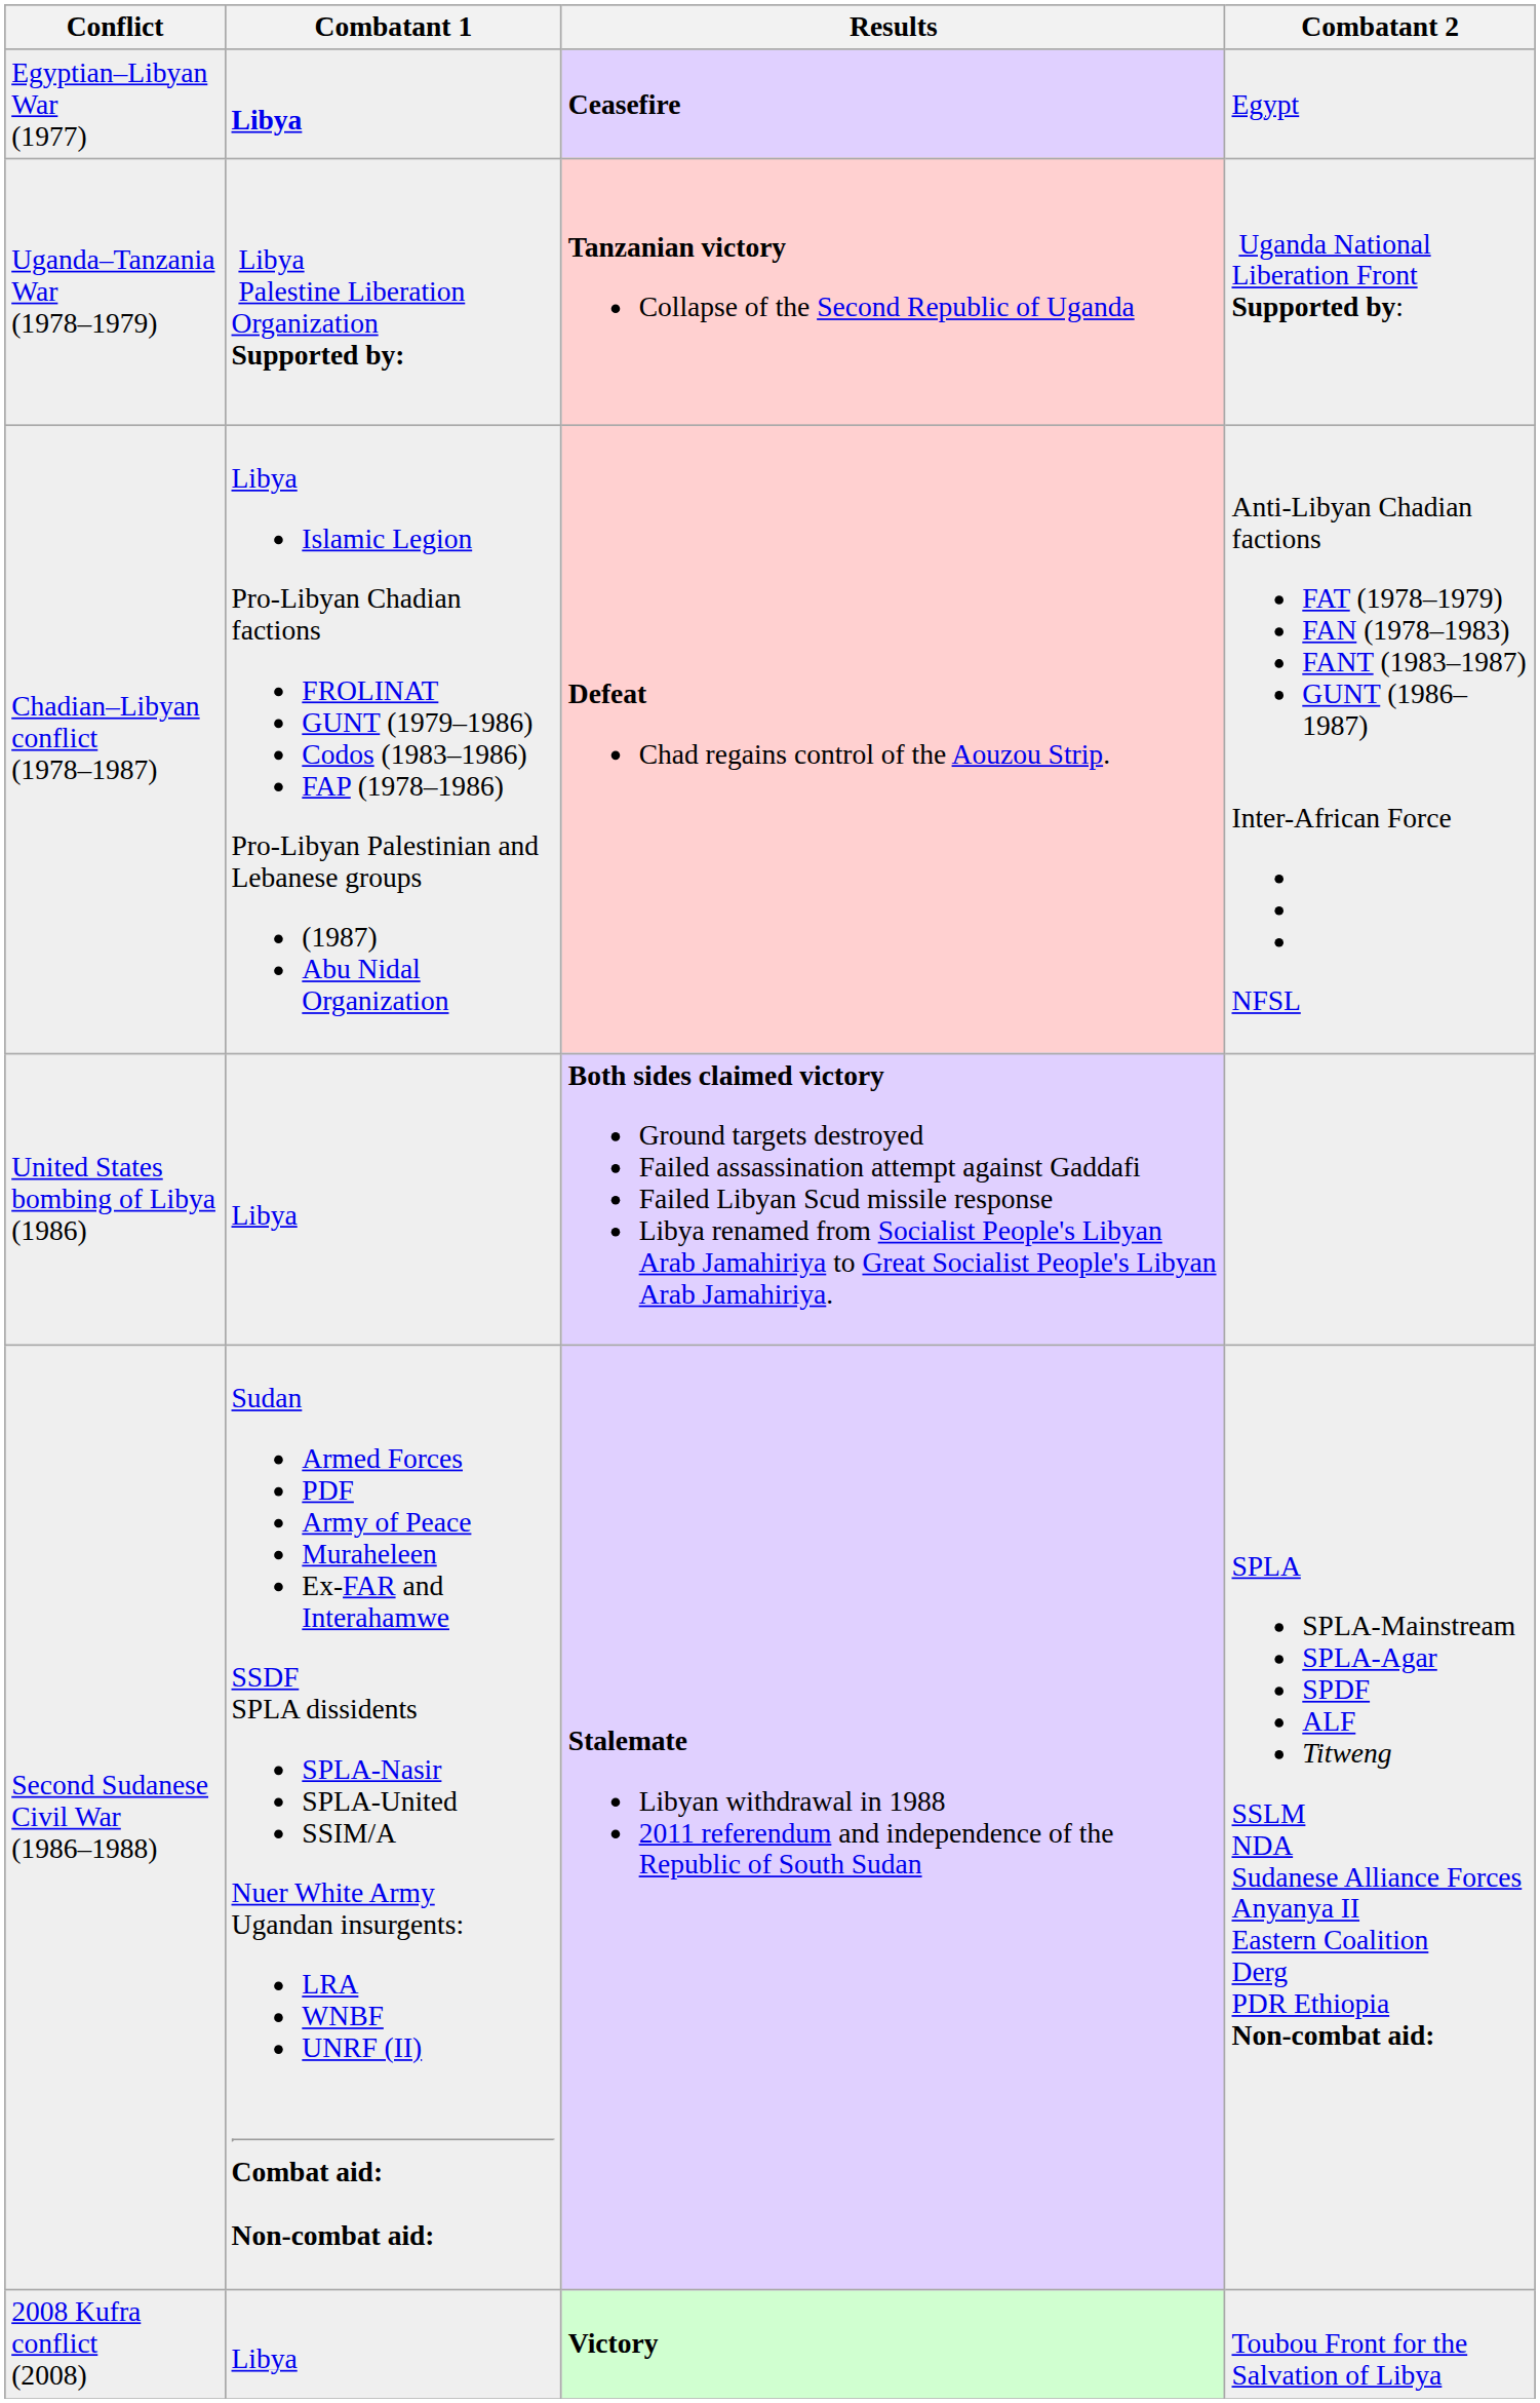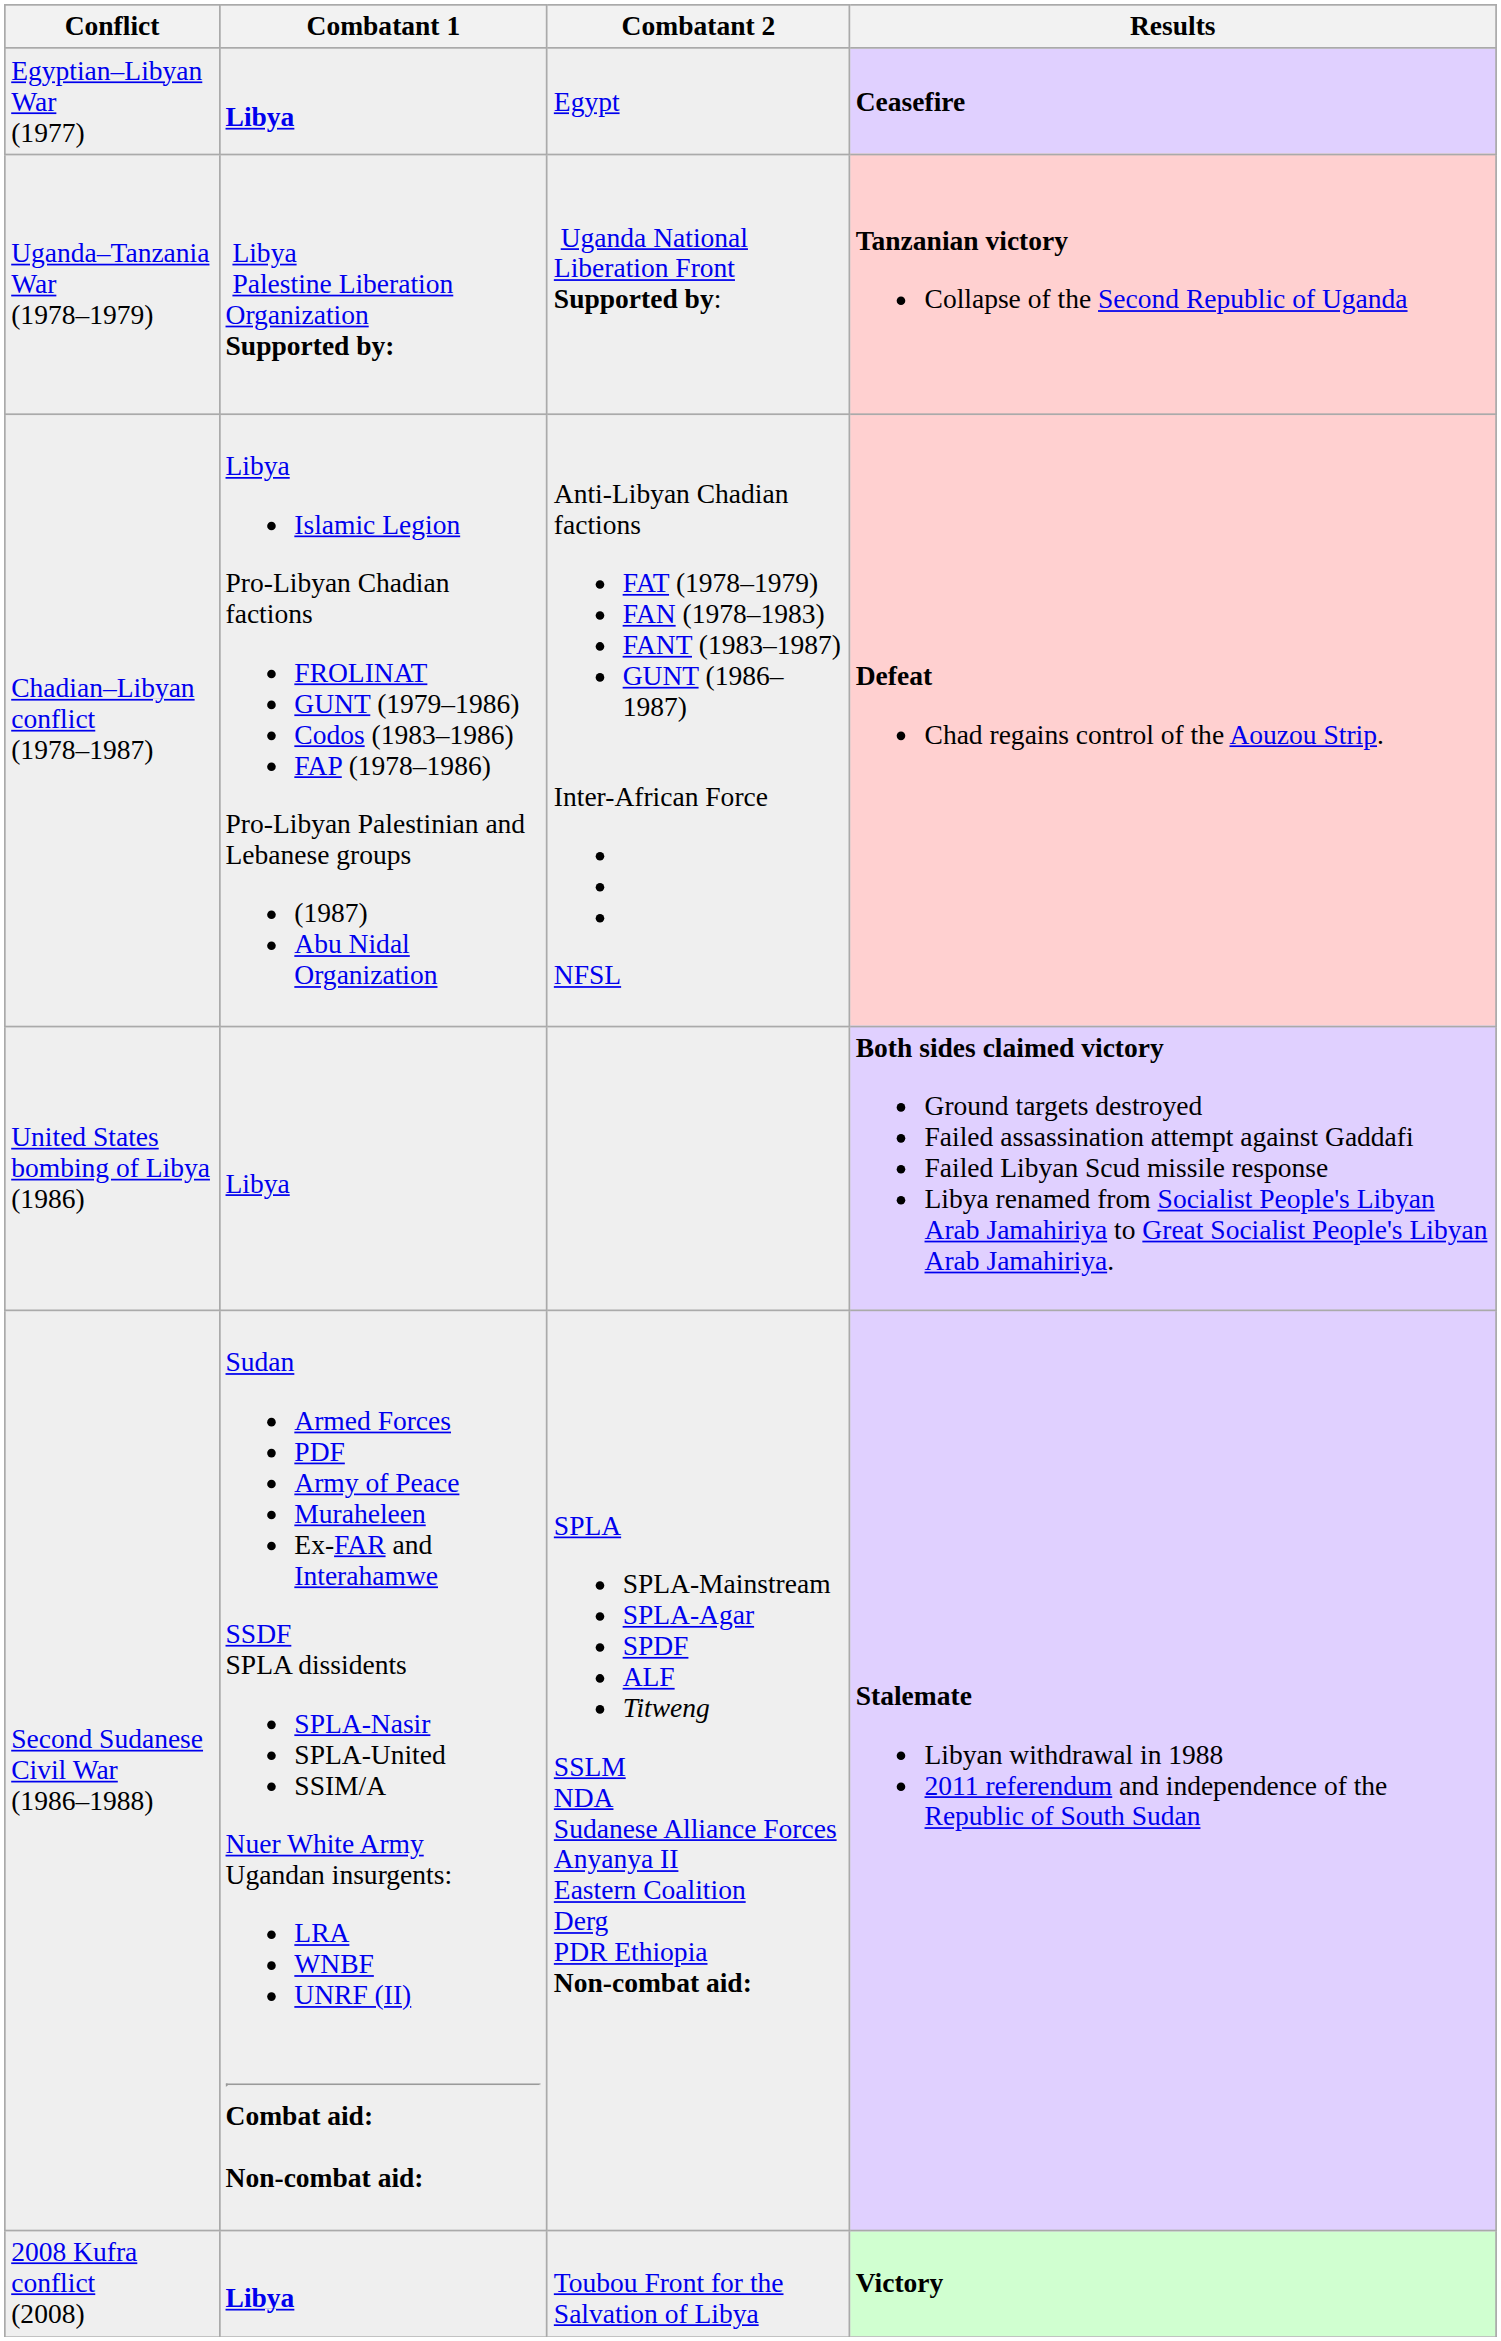 <table class="wikitable">
 <tr>
 <th rowspan="1">Conflict</th>
 <th rowspan="1">Combatant 1</th>
+<th rowspan="1">Combatant 2</th>
 <th rowspan="1">Results</th>
-<th rowspan="1">Combatant 2</th>
 </tr>
 <tr>
 <td style="background:#efefef"><a href='#'>Egyptian–Libyan War</a><br>(1977)</td>
 <td style="background:#efefef"><strong><br> <a href='#'>Libya</a></strong></td>
+<td style="background:#efefef"> <a href='#'>Egypt</a></td>
 <td style="background:#E0D0FF"><strong>Ceasefire</strong></td>
-<td style="background:#efefef"> <a href='#'>Egypt</a></td>
 </tr>
 <tr>
 <td style="background:#efefef"><a href='#'>Uganda–Tanzania War</a><br>(1978–1979)</td>
 <td style="background:#efefef"><br><br> <a href='#'>Libya</a><br> <a href='#'>Palestine Liberation Organization</a><br><strong>Supported by:</strong><br><br> </td>
+<td style="background:#efefef"><br><br> <a href='#'>Uganda National Liberation Front</a><br><strong>Supported by</strong>:<br><br><br><br></td>
 <td style="background:#FFD0D0"><strong>Tanzanian victory</strong><br><ul><li>Collapse of the <a href='#'>Second Republic of Uganda</a></li></ul></td>
-<td style="background:#efefef"><br><br> <a href='#'>Uganda National Liberation Front</a><br><strong>Supported by</strong>:<br><br><br><br></td>
 </tr>
 <tr>
 <td style="background:#efefef"><a href='#'>Chadian–Libyan conflict</a><br>(1978–1987)</td>
 <td style="background:#efefef"><br> <a href='#'>Libya</a><ul><li><a href='#'>Islamic Legion</a></li></ul> Pro-Libyan Chadian factions<ul><li> <a href='#'>FROLINAT</a></li><li><a href='#'>GUNT</a> (1979–1986)</li><li><a href='#'>Codos</a> (1983–1986)</li><li><a href='#'>FAP</a> (1978–1986)</li></ul>Pro-Libyan Palestinian and Lebanese groups<ul><li> (1987)</li><li><a href='#'>Abu Nidal Organization</a></li></ul></td>
+<td style="background:#efefef"><br> Anti-Libyan Chadian factions<ul><li><a href='#'>FAT</a> (1978–1979)</li><li><a href='#'>FAN</a> (1978–1983)</li><li><a href='#'>FANT</a> (1983–1987)</li><li><a href='#'>GUNT</a> (1986–1987)</li></ul><br>Inter-African Force<ul><li></li><li></li><li></li></ul> <a href='#'>NFSL</a> </td>
 <td style="background:#FFD0D0"><strong>Defeat</strong><br><ul><li>Chad regains control of the <a href='#'>Aouzou Strip</a>.</li></ul></td>
-<td style="background:#efefef"><br> Anti-Libyan Chadian factions<ul><li><a href='#'>FAT</a> (1978–1979)</li><li><a href='#'>FAN</a> (1978–1983)</li><li><a href='#'>FANT</a> (1983–1987)</li><li><a href='#'>GUNT</a> (1986–1987)</li></ul><br>Inter-African Force<ul><li></li><li></li><li></li></ul> <a href='#'>NFSL</a> </td>
 </tr>
 <tr>
 <td style="background:#efefef"><a href='#'>United States bombing of Libya</a><br>(1986)</td>
 <td style="background:#efefef"><br> <a href='#'>Libya</a></td>
+<td style="background:#efefef"><br></td>
 <td style="background:#E0D0FF"><strong>Both sides claimed victory</strong><br><ul><li>Ground targets destroyed</li><li>Failed assassination attempt against Gaddafi </li><li>Failed Libyan Scud missile response</li><li>Libya renamed from <a href='#'>Socialist People's Libyan Arab Jamahiriya</a> to <a href='#'>Great Socialist People's Libyan Arab Jamahiriya</a>.</li></ul></td>
-<td style="background:#efefef"><br></td>
 </tr>
 <tr>
 <td style="background:#efefef"><a href='#'>Second Sudanese Civil War</a><br>(1986–1988)</td>
 <td style="background:#efefef"><br> <a href='#'>Sudan</a><ul><li><a href='#'>Armed Forces</a></li><li><a href='#'>PDF</a></li><li><a href='#'>Army of Peace</a></li><li><a href='#'>Muraheleen</a></li><li> Ex-<a href='#'>FAR</a> and <a href='#'>Interahamwe</a></li></ul> <a href='#'>SSDF</a><br> SPLA dissidents<ul><li><a href='#'>SPLA-Nasir</a></li><li>SPLA-United</li><li>SSIM/A</li></ul> <a href='#'>Nuer White Army</a><br> Ugandan insurgents:<ul><li><a href='#'>LRA</a></li><li><a href='#'>WNBF</a></li><li><a href='#'>UNRF (II)</a></li></ul><br> <hr><strong>Combat aid:</strong><br> <br> <strong>Non-combat aid:</strong><br><br></td>
+<td style="background:#efefef"><br> <a href='#'>SPLA</a><ul><li>SPLA-Mainstream</li><li><a href='#'>SPLA-Agar</a></li><li><a href='#'>SPDF</a></li><li><a href='#'>ALF</a></li><li><em>Titweng</em></li></ul> <a href='#'>SSLM</a><br><a href='#'>NDA</a><br><a href='#'>Sudanese Alliance Forces</a><br> <a href='#'>Anyanya II</a><br> <a href='#'>Eastern Coalition</a><br> <a href='#'>Derg</a> <br> <a href='#'>PDR Ethiopia</a> <br><strong>Non-combat aid:</strong><br> <br><br> </td>
 <td style="background:#E0D0FF"><strong>Stalemate</strong><br><ul><li>Libyan withdrawal in 1988</li><li><a href='#'>2011 referendum</a> and independence of the <a href='#'>Republic of South Sudan</a></li></ul></td>
-<td style="background:#efefef"><br> <a href='#'>SPLA</a><ul><li>SPLA-Mainstream</li><li><a href='#'>SPLA-Agar</a></li><li><a href='#'>SPDF</a></li><li><a href='#'>ALF</a></li><li><em>Titweng</em></li></ul> <a href='#'>SSLM</a><br><a href='#'>NDA</a><br><a href='#'>Sudanese Alliance Forces</a><br> <a href='#'>Anyanya II</a><br> <a href='#'>Eastern Coalition</a><br> <a href='#'>Derg</a> <br> <a href='#'>PDR Ethiopia</a> <br><strong>Non-combat aid:</strong><br> <br><br> </td>
 </tr>
 <tr>
 <td style="background:#efefef"><a href='#'>2008 Kufra conflict</a><br>(2008)</td>
-<td style="background:#efefef"><br> <a href='#'>Libya</a></td>
+<td style="background:#efefef"><strong><br> <a href='#'>Libya</a></strong></td>
+<td style="background:#efefef"><br> <a href='#'>Toubou Front for the Salvation of Libya</a></td>
 <td style="background:#D0FFD0"><strong>Victory</strong></td>
-<td style="background:#efefef"><br> <a href='#'>Toubou Front for the Salvation of Libya</a></td>
 </tr>
 </table>
